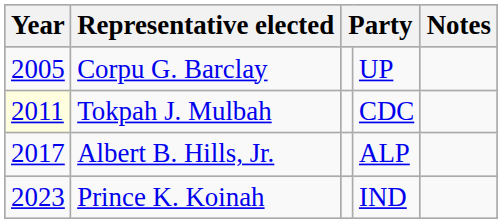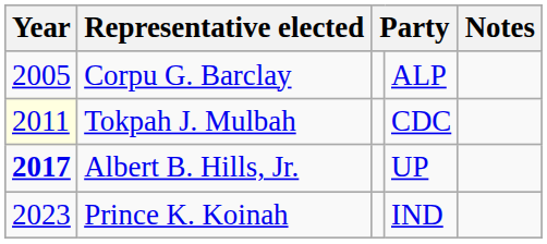 <table class="wikitable">
 <tr>
 <th>Year</th>
 <th>Representative elected</th>
 <th colspan=2>Party</th>
 <th>Notes</th>
 </tr>
 <tr>
 <td><a href='#'>2005</a></td>
 <td><a href='#'>Corpu G. Barclay</a></td>
 <td></td>
-<td><a href='#'>UP</a></td>
+<td><a href='#'>ALP</a></td>
 <td></td>
 </tr>
 <tr>
 <td style="background: lightyellow;"><a href='#'>2011</a></td>
 <td><a href='#'>Tokpah J. Mulbah</a></td>
 <td></td>
 <td><a href='#'>CDC</a></td>
 <td></td>
 </tr>
 <tr>
-<td><a href='#'>2017</a></td>
+<td><strong><a href='#'>2017</a></strong></td>
 <td><a href='#'>Albert B. Hills, Jr.</a></td>
 <td></td>
-<td><a href='#'>ALP</a></td>
+<td><a href='#'>UP</a></td>
 <td></td>
 </tr>
 <tr>
 <td><a href='#'>2023</a></td>
 <td><a href='#'>Prince K. Koinah</a></td>
 <td></td>
 <td><a href='#'>IND</a></td>
 <td></td>
 </tr>
 </table>
